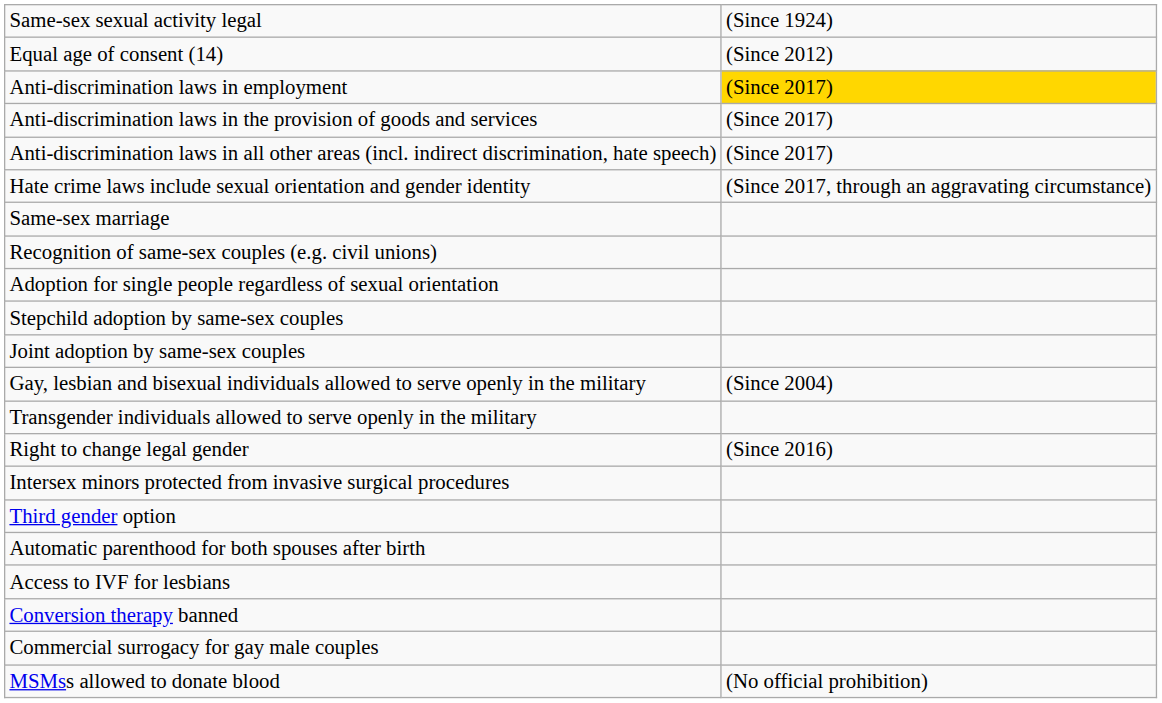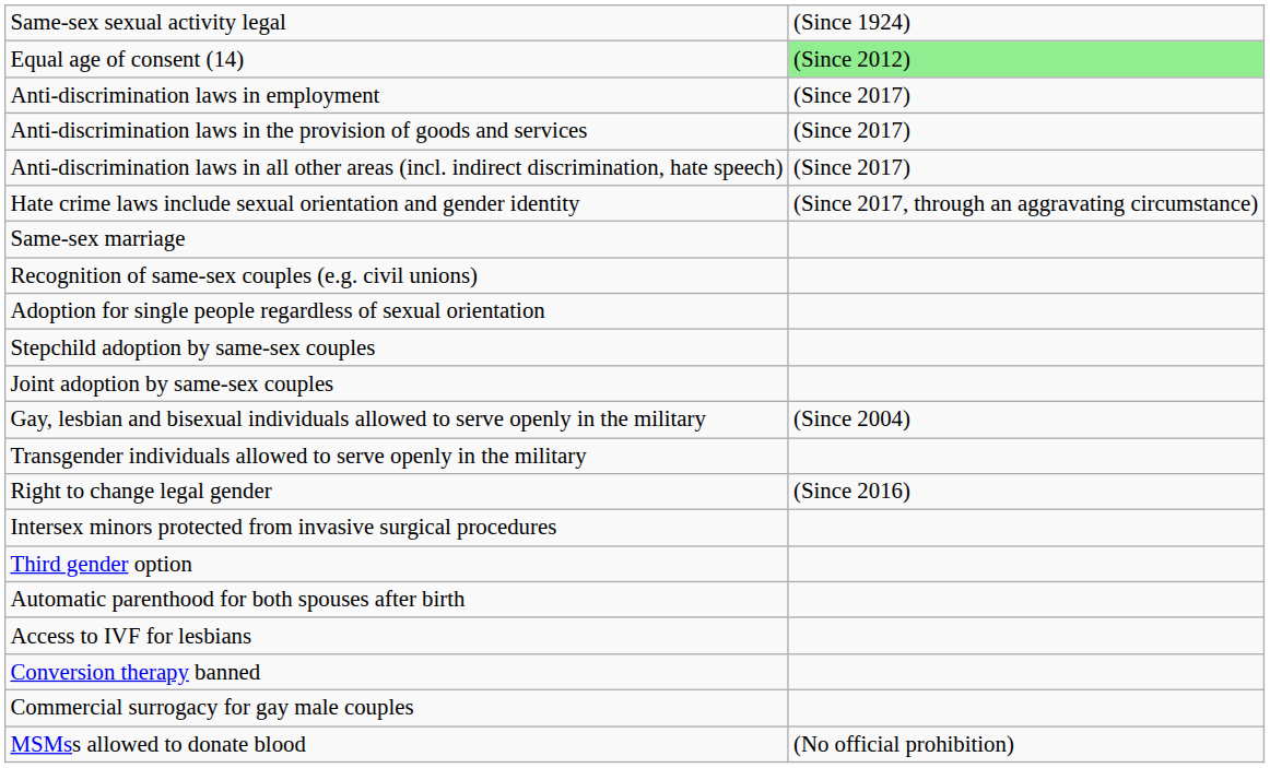 <table class="wikitable">
 <tr>
 <td>Same-sex sexual activity legal</td>
 <td> (Since 1924)</td>
 </tr>
 <tr>
 <td>Equal age of consent (14)</td>
-<td> (Since 2012)</td>
+<td style="background: lightgreen;"> (Since 2012)</td>
 </tr>
 <tr>
 <td>Anti-discrimination laws in employment</td>
-<td style="background: gold;"> (Since 2017)</td>
+<td> (Since 2017)</td>
 </tr>
 <tr>
 <td>Anti-discrimination laws in the provision of goods and services</td>
 <td> (Since 2017)</td>
 </tr>
 <tr>
 <td>Anti-discrimination laws in all other areas (incl. indirect discrimination, hate speech)</td>
 <td> (Since 2017)</td>
 </tr>
 <tr>
 <td>Hate crime laws include sexual orientation and gender identity</td>
 <td> (Since 2017, through an aggravating circumstance)</td>
 </tr>
 <tr>
 <td>Same-sex marriage</td>
 <td></td>
 </tr>
 <tr>
 <td>Recognition of same-sex couples (e.g. civil unions)</td>
 <td></td>
 </tr>
 <tr>
 <td>Adoption for single people regardless of sexual orientation</td>
 <td></td>
 </tr>
 <tr>
 <td>Stepchild adoption by same-sex couples</td>
 <td></td>
 </tr>
 <tr>
 <td>Joint adoption by same-sex couples</td>
 <td></td>
 </tr>
 <tr>
 <td>Gay, lesbian and bisexual individuals allowed to serve openly in the military</td>
 <td> (Since 2004)</td>
 </tr>
 <tr>
 <td>Transgender individuals allowed to serve openly in the military</td>
 <td></td>
 </tr>
 <tr>
 <td>Right to change legal gender</td>
 <td> (Since 2016)</td>
 </tr>
 <tr>
 <td>Intersex minors protected from invasive surgical procedures</td>
 <td></td>
 </tr>
 <tr>
 <td><a href='#'>Third gender</a> option</td>
 <td></td>
 </tr>
 <tr>
 <td>Automatic parenthood for both spouses after birth</td>
 <td></td>
 </tr>
 <tr>
 <td>Access to IVF for lesbians</td>
 <td></td>
 </tr>
 <tr>
 <td><a href='#'>Conversion therapy</a> banned</td>
 <td></td>
 </tr>
 <tr>
 <td>Commercial surrogacy for gay male couples</td>
 <td></td>
 </tr>
 <tr>
 <td><a href='#'>MSMs</a>s allowed to donate blood</td>
 <td> (No official prohibition)</td>
 </tr>
 </table>
